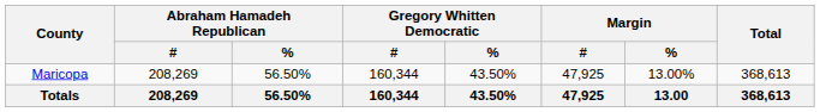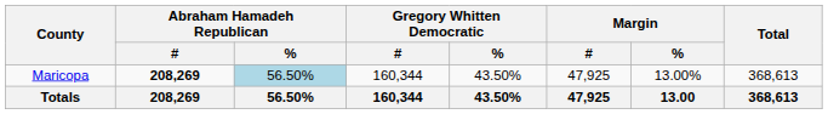 <table class="wikitable sortable" width="60%">
 <tr>
 <th rowspan="2">County</th>
 <th colspan="2">Abraham Hamadeh<br>Republican</th>
 <th colspan="2">Gregory Whitten<br>Democratic</th>
 <th colspan="2">Margin</th>
 <th rowspan="2">Total</th>
 </tr>
 <tr>
 <th data-sort-type="number" style="text-align:center;">#</th>
 <th data-sort-type="number" style="text-align:center;">%</th>
 <th data-sort-type="number" style="text-align:center;">#</th>
 <th data-sort-type="number" style="text-align:center;">%</th>
 <th data-sort-type="number" style="text-align:center;">#</th>
 <th data-sort-type="number" style="text-align:center;">%</th>
 </tr>
 <tr style="text-align:center;">
 <td><a href='#'>Maricopa</a></td>
-<td>208,269</td>
-<td>56.50%</td>
+<td><strong>208,269</strong></td>
+<td style="background: lightblue;">56.50%</td>
 <td>160,344</td>
 <td>43.50%</td>
 <td>47,925</td>
 <td>13.00%</td>
 <td>368,613</td>
 </tr>
 <tr>
 <th>Totals</th>
 <th>208,269</th>
 <th>56.50%</th>
 <th>160,344</th>
 <th>43.50%</th>
 <th>47,925</th>
 <th>13.00</th>
 <th>368,613</th>
 </tr>
 </table>
